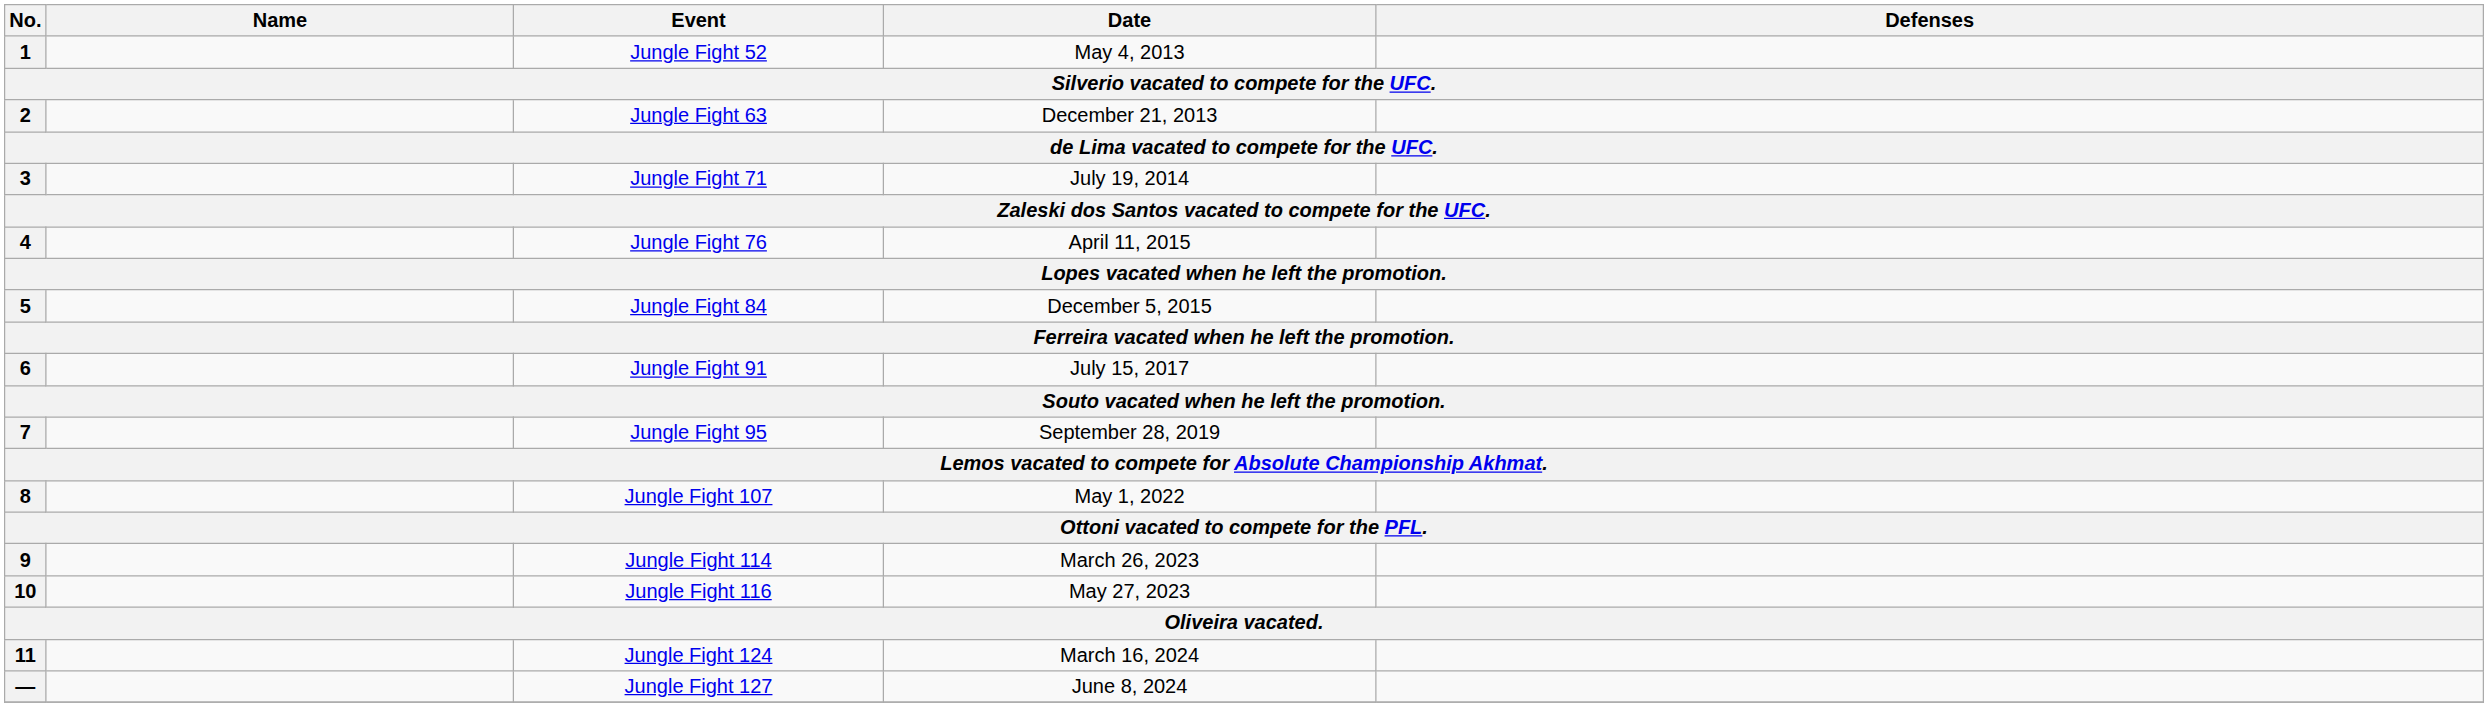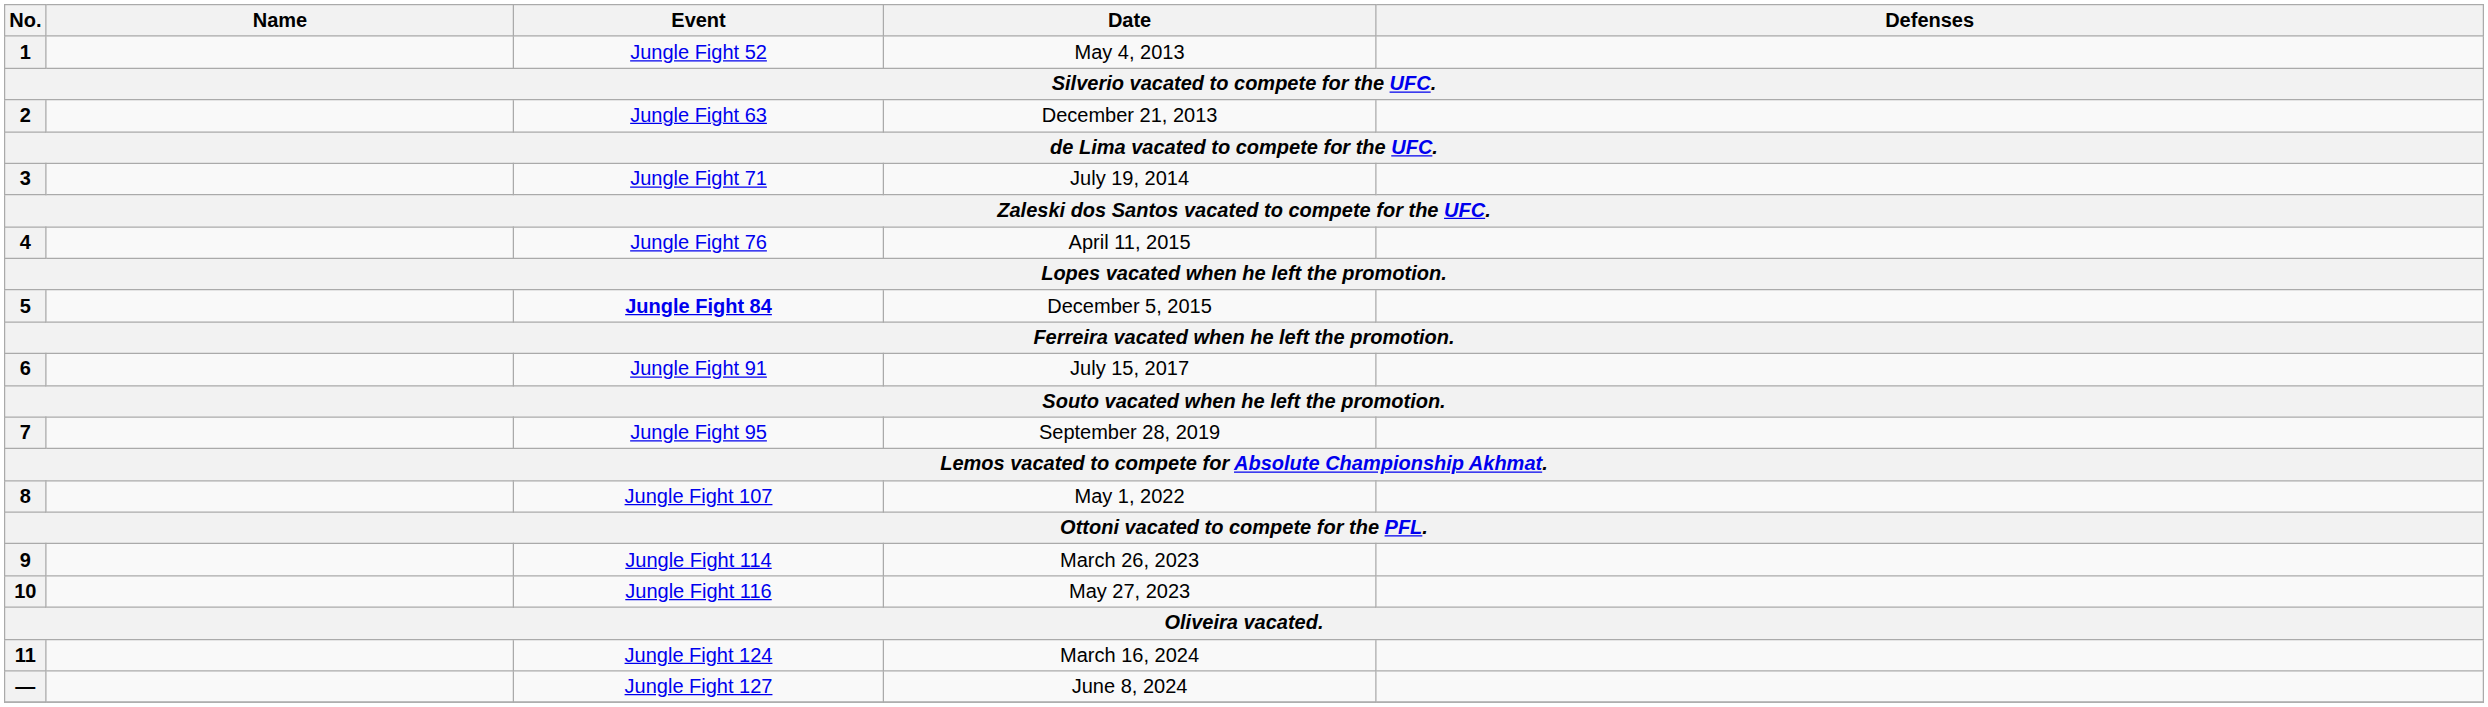 <table class="wikitable" width=100%>
 <tr>
 <th width=1%>No.</th>
 <th width=19%>Name</th>
 <th width=15%>Event</th>
 <th width=20%>Date</th>
 <th width=45%>Defenses</th>
 </tr>
 <tr>
 <th>1</th>
 <td align=left><br></td>
 <td align=center><a href='#'>Jungle Fight 52</a> <br></td>
 <td align=center>May 4, 2013</td>
 <td></td>
 </tr>
 <tr>
 <th colspan=6 align=center><em>Silverio vacated to compete for the <a href='#'>UFC</a>.</em></th>
 </tr>
 <tr>
 <th>2</th>
 <td align=left><br></td>
 <td align=center><a href='#'>Jungle Fight 63</a> <br></td>
 <td align=center>December 21, 2013</td>
 <td></td>
 </tr>
 <tr>
 <th colspan=6 align=center><em>de Lima vacated to compete for the <a href='#'>UFC</a>.</em></th>
 </tr>
 <tr>
 <th>3</th>
 <td align=left><br></td>
 <td align=center><a href='#'>Jungle Fight 71</a> <br></td>
 <td align=center>July 19, 2014</td>
 <td></td>
 </tr>
 <tr>
 <th colspan=6 align=center><em>Zaleski dos Santos vacated to compete for the <a href='#'>UFC</a>.</em></th>
 </tr>
 <tr>
 <th>4</th>
 <td align=left><br></td>
 <td align=center><a href='#'>Jungle Fight 76</a> <br></td>
 <td align=center>April 11, 2015</td>
 <td></td>
 </tr>
 <tr>
 <th colspan=6 align=center><em>Lopes vacated when he left the promotion.</em></th>
 </tr>
 <tr>
 <th>5</th>
 <td align=left><br></td>
-<td align=center><a href='#'>Jungle Fight 84</a> <br></td>
+<td align=center><strong><a href='#'>Jungle Fight 84</a> <br></strong></td>
 <td align=center>December 5, 2015</td>
 <td></td>
 </tr>
 <tr>
 <th colspan=6 align=center><em>Ferreira vacated when he left the promotion.</em></th>
 </tr>
 <tr>
 <th>6</th>
 <td align=left><br></td>
 <td align=center><a href='#'>Jungle Fight 91</a><br></td>
 <td align=center>July 15, 2017</td>
 <td></td>
 </tr>
 <tr>
 <th colspan=6 align=center><em>Souto vacated when he left the promotion.</em></th>
 </tr>
 <tr>
 <th>7</th>
 <td align=left><br></td>
 <td align=center><a href='#'>Jungle Fight 95</a><br></td>
 <td align=center>September 28, 2019</td>
 <td></td>
 </tr>
 <tr>
 <th colspan=6 align=center><em>Lemos vacated to compete for <a href='#'>Absolute Championship Akhmat</a>.</em></th>
 </tr>
 <tr>
 <th>8</th>
 <td align=left><br></td>
 <td align=center><a href='#'>Jungle Fight 107</a><br></td>
 <td align=center>May 1, 2022</td>
 <td></td>
 </tr>
 <tr>
 <th colspan=6 align=center><em>Ottoni vacated to compete for the <a href='#'>PFL</a>.</em></th>
 </tr>
 <tr>
 <th>9</th>
 <td align=left><br></td>
 <td align=center><a href='#'>Jungle Fight 114</a> <br></td>
 <td align=center>March 26, 2023</td>
 <td></td>
 </tr>
 <tr>
 <th>10</th>
 <td align=left></td>
 <td align=center><a href='#'>Jungle Fight 116</a> <br></td>
 <td align=center>May 27, 2023</td>
 <td></td>
 </tr>
 <tr>
 <th colspan=6 align=center><em>Oliveira vacated.</em></th>
 </tr>
 <tr>
 <th>11</th>
 <td align=left><br></td>
 <td align=center><a href='#'>Jungle Fight 124</a> <br></td>
 <td align=center>March 16, 2024</td>
 <td></td>
 </tr>
 <tr>
 <th>—</th>
 <td align=left><br> </td>
 <td align=center><a href='#'>Jungle Fight 127</a> <br></td>
 <td align=center>June 8, 2024</td>
 <td></td>
 </tr>
 <tr>
 </tr>
 </table>
